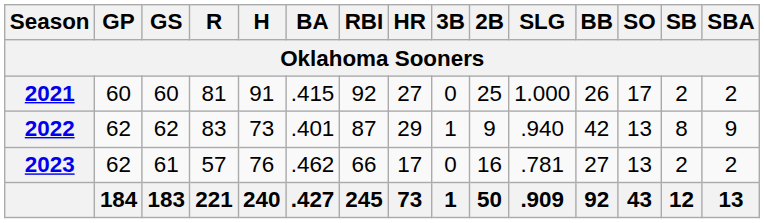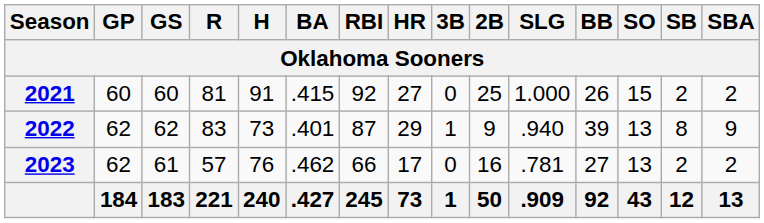 <table class="wikitable" style="text-align:center;">
 <tr>
 <th>Season</th>
 <th>GP</th>
 <th>GS</th>
 <th>R</th>
 <th>H</th>
 <th>BA</th>
 <th>RBI</th>
 <th>HR</th>
 <th>3B</th>
 <th>2B</th>
 <th>SLG</th>
 <th>BB</th>
 <th>SO</th>
 <th>SB</th>
 <th>SBA</th>
 </tr>
 <tr>
 <th colspan="15">Oklahoma Sooners</th>
 </tr>
 <tr>
 <th><a href='#'>2021</a></th>
 <td>60</td>
 <td>60</td>
 <td>81</td>
 <td>91</td>
 <td>.415</td>
 <td>92</td>
 <td>27</td>
 <td>0</td>
 <td>25</td>
 <td>1.000</td>
 <td>26</td>
-<td>17</td>
+<td>15</td>
 <td>2</td>
 <td>2</td>
 </tr>
 <tr>
 <th><a href='#'>2022</a></th>
 <td>62</td>
 <td>62</td>
 <td>83</td>
 <td>73</td>
 <td>.401</td>
 <td>87</td>
 <td>29</td>
 <td>1</td>
 <td>9</td>
 <td>.940</td>
-<td>42</td>
+<td>39</td>
 <td>13</td>
 <td>8</td>
 <td>9</td>
 </tr>
 <tr>
 <th><a href='#'>2023</a></th>
 <td>62</td>
 <td>61</td>
 <td>57</td>
 <td>76</td>
 <td>.462</td>
 <td>66</td>
 <td>17</td>
 <td>0</td>
 <td>16</td>
 <td>.781</td>
 <td>27</td>
 <td>13</td>
 <td>2</td>
 <td>2</td>
 </tr>
 <tr>
 <th></th>
 <th>184</th>
 <th>183</th>
 <th>221</th>
 <th>240</th>
 <th>.427</th>
 <th>245</th>
 <th>73</th>
 <th>1</th>
 <th>50</th>
 <th>.909</th>
 <th>92</th>
 <th>43</th>
 <th>12</th>
 <th>13</th>
 </tr>
 </table>
